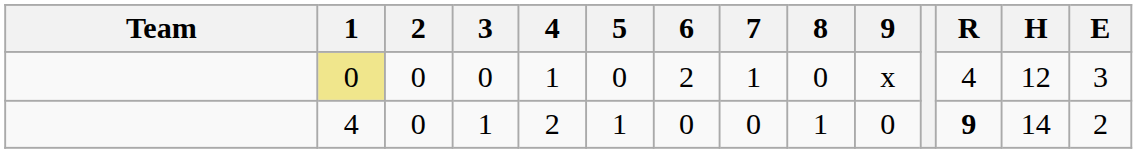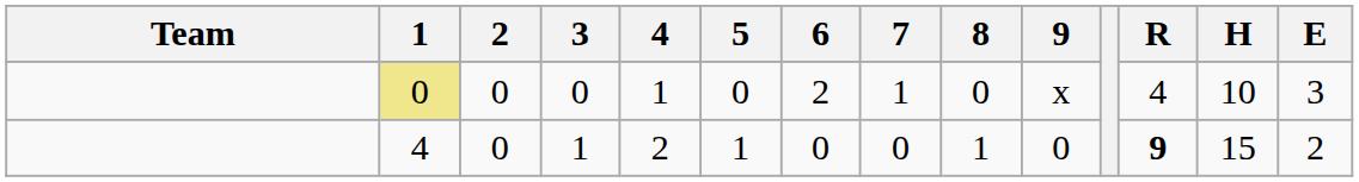 <table border=1 cellspacing=0 width=600 style="margin-left:3em;" class="wikitable">
 <tr style="text-align:center; background-color:#e6e6e6;">
 <th align=left width=28%>Team</th>
 <th width=6%>1</th>
 <th width=6%>2</th>
 <th width=6%>3</th>
 <th width=6%>4</th>
 <th width=6%>5</th>
 <th width=6%>6</th>
 <th width=6%>7</th>
 <th width=6%>8</th>
 <th width=6%>9</th>
 <th rowspan="3" width=0.5%></th>
 <th width=6%>R</th>
 <th width=6%>H</th>
 <th width=6%>E</th>
 </tr>
 <tr style="text-align:center;">
 <td align=left></td>
 <td style="background: khaki;">0</td>
 <td>0</td>
 <td>0</td>
 <td>1</td>
 <td>0</td>
 <td>2</td>
 <td>1</td>
 <td>0</td>
 <td>x</td>
 <td>4</td>
-<td>12</td>
+<td>10</td>
 <td>3</td>
 </tr>
 <tr style="text-align:center;">
 <td align=left></td>
 <td>4</td>
 <td>0</td>
 <td>1</td>
 <td>2</td>
 <td>1</td>
 <td>0</td>
 <td>0</td>
 <td>1</td>
 <td>0</td>
 <td><strong>9</strong></td>
-<td>14</td>
+<td>15</td>
 <td>2</td>
 </tr>
 </table>
